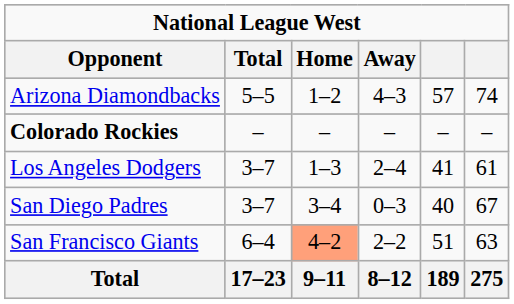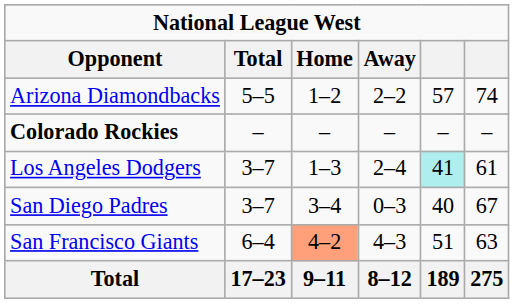 <table class="wikitable" style="font-size:85%; text-align:center;">
 <tr>
 <td colspan="7" style="text-align:center; "><span><strong>National League West</strong></span></td>
 </tr>
 <tr>
 <th>Opponent</th>
 <th>Total</th>
 <th>Home</th>
 <th>Away</th>
 <th></th>
 <th></th>
 </tr>
 <tr>
 <td style="text-align:left;"><a href='#'>Arizona Diamondbacks</a></td>
 <td>5–5</td>
 <td>1–2</td>
-<td>4–3</td>
+<td>2–2</td>
 <td>57</td>
 <td>74</td>
 </tr>
 <tr>
 <td style="text-align:left;"><strong>Colorado Rockies</strong></td>
 <td>–</td>
 <td>–</td>
 <td>–</td>
 <td>–</td>
 <td>–</td>
 </tr>
 <tr>
 <td style="text-align:left;"><a href='#'>Los Angeles Dodgers</a></td>
 <td>3–7</td>
 <td>1–3</td>
 <td>2–4</td>
-<td>41</td>
+<td style="background: paleturquoise;">41</td>
 <td>61</td>
 </tr>
 <tr>
 <td style="text-align:left;"><a href='#'>San Diego Padres</a></td>
 <td>3–7</td>
 <td>3–4</td>
 <td>0–3</td>
 <td>40</td>
 <td>67</td>
 </tr>
 <tr>
 <td style="text-align:left;"><a href='#'>San Francisco Giants</a></td>
 <td>6–4</td>
 <td style="background: lightsalmon;">4–2</td>
-<td>2–2</td>
+<td>4–3</td>
 <td>51</td>
 <td>63</td>
 </tr>
 <tr>
 <th>Total</th>
 <th>17–23</th>
 <th>9–11</th>
 <th>8–12</th>
 <th>189</th>
 <th>275</th>
 </tr>
 </table>
